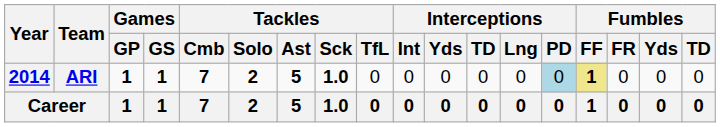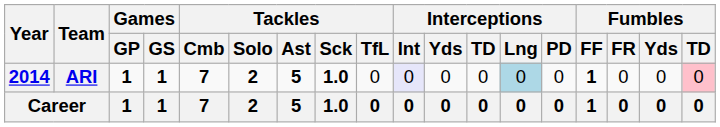 <table class="wikitable" style="text-align:center;">
 <tr>
 <th rowspan="2">Year</th>
 <th rowspan="2">Team</th>
 <th colspan="2">Games</th>
 <th colspan="5">Tackles</th>
 <th colspan="5">Interceptions</th>
 <th colspan="4">Fumbles</th>
 </tr>
 <tr>
 <th>GP</th>
 <th>GS</th>
 <th>Cmb</th>
 <th>Solo</th>
 <th>Ast</th>
 <th>Sck</th>
 <th>TfL</th>
 <th>Int</th>
 <th>Yds</th>
 <th>TD</th>
 <th>Lng</th>
 <th>PD</th>
 <th>FF</th>
 <th>FR</th>
 <th>Yds</th>
 <th>TD</th>
 </tr>
 <tr>
 <th><a href='#'>2014</a></th>
 <th><a href='#'>ARI</a></th>
 <td><strong>1</strong></td>
 <td><strong>1</strong></td>
 <td><strong>7</strong></td>
 <td><strong>2</strong></td>
 <td><strong>5</strong></td>
 <td><strong>1.0</strong></td>
 <td>0</td>
-<td>0</td>
-<td>0</td>
+<td style="background: lavender;">0</td>
 <td>0</td>
 <td>0</td>
 <td style="background: lightblue;">0</td>
-<td style="background: khaki;"><strong>1</strong></td>
+<td>0</td>
+<td><strong>1</strong></td>
 <td>0</td>
 <td>0</td>
-<td>0</td>
+<td style="background: pink;">0</td>
 </tr>
 <tr>
 <th colspan="2">Career</th>
 <th>1</th>
 <th>1</th>
 <th>7</th>
 <th>2</th>
 <th>5</th>
 <th>1.0</th>
 <th>0</th>
 <th>0</th>
 <th>0</th>
 <th>0</th>
 <th>0</th>
 <th>0</th>
 <th>1</th>
 <th>0</th>
 <th>0</th>
 <th>0</th>
 </tr>
 </table>
